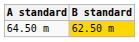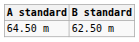 <table class="wikitable" border="1" align="upright">
 <tr>
 <th>A standard</th>
 <th>B standard</th>
 </tr>
 <tr>
 <td>64.50 m</td>
-<td style="background: gold;">62.50 m</td>
+<td>62.50 m</td>
 </tr>
 </table>
